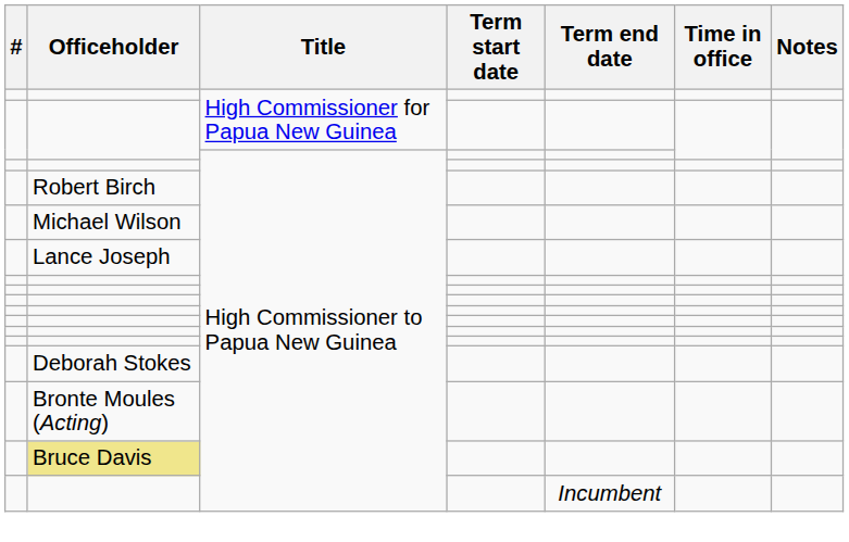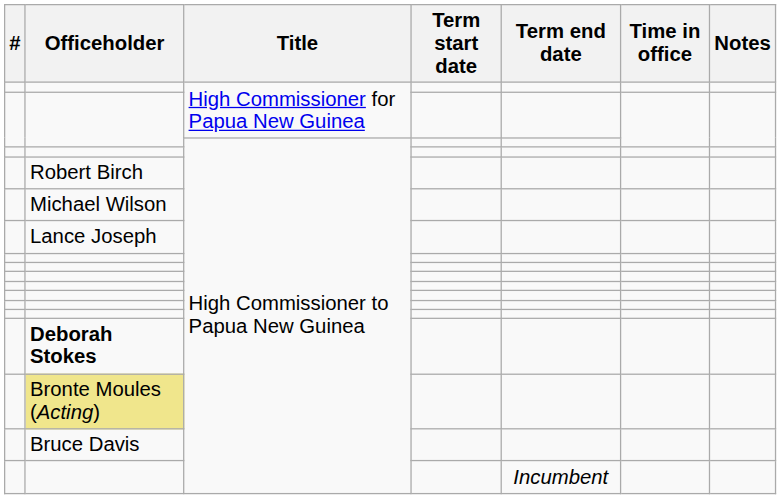 <table class='wikitable sortable'>
 <tr>
 <th>#</th>
 <th>Officeholder</th>
 <th>Title</th>
 <th>Term start date</th>
 <th>Term end date</th>
 <th>Time in office</th>
 <th>Notes</th>
 </tr>
 <tr>
 <td align=center></td>
 <td></td>
 <td rowspan=2><a href='#'>High Commissioner</a> for <a href='#'>Papua New Guinea</a></td>
 <td align=center></td>
 <td align=center></td>
 <td align=right></td>
 <td></td>
 </tr>
 <tr>
 <td rowspan=2 align=center></td>
 <td rowspan=2></td>
 <td align=center></td>
 <td align=center></td>
 <td rowspan=2 align=right></td>
 <td rowspan=2></td>
 </tr>
 <tr>
 <td rowspan=16>High Commissioner to Papua New Guinea</td>
 <td align=center></td>
 <td align=center></td>
 </tr>
 <tr>
 <td align=center></td>
 <td></td>
 <td align=center></td>
 <td align=center></td>
 <td align=right></td>
 <td></td>
 </tr>
 <tr>
 <td align=center></td>
 <td>Robert Birch</td>
 <td align=center></td>
 <td align=center></td>
 <td align=right></td>
 <td></td>
 </tr>
 <tr>
 <td align=center></td>
 <td>Michael Wilson</td>
 <td align=center></td>
 <td align=center></td>
 <td align=right></td>
 <td></td>
 </tr>
 <tr>
 <td align=center></td>
 <td>Lance Joseph</td>
 <td align=center></td>
 <td align=center></td>
 <td align=right></td>
 <td></td>
 </tr>
 <tr>
 <td align=center></td>
 <td></td>
 <td align=center></td>
 <td align=center></td>
 <td align=right></td>
 <td></td>
 </tr>
 <tr>
 <td align=center></td>
 <td></td>
 <td align=center></td>
 <td align=center></td>
 <td align=right></td>
 <td></td>
 </tr>
 <tr>
 <td align=center></td>
 <td></td>
 <td align=center></td>
 <td align=center></td>
 <td align=right></td>
 <td></td>
 </tr>
 <tr>
 <td align=center></td>
 <td></td>
 <td align=center></td>
 <td align=center></td>
 <td align=right></td>
 <td></td>
 </tr>
 <tr>
 <td align=center></td>
 <td></td>
 <td align=center></td>
 <td align=center></td>
 <td align=right></td>
 <td></td>
 </tr>
 <tr>
 <td align=center></td>
 <td></td>
 <td align=center></td>
 <td align=center></td>
 <td align=right></td>
 <td></td>
 </tr>
 <tr>
 <td align=center></td>
 <td></td>
 <td align=center></td>
 <td align=center></td>
 <td align=right></td>
 <td></td>
 </tr>
 <tr>
 <td align=center></td>
-<td>Deborah Stokes</td>
+<td><strong>Deborah Stokes</strong></td>
 <td align=center></td>
 <td align=center></td>
 <td align=right></td>
 <td></td>
 </tr>
 <tr>
 <td align=center></td>
-<td>Bronte Moules (<em>Acting</em>)</td>
+<td style="background: khaki;">Bronte Moules (<em>Acting</em>)</td>
 <td align=center></td>
 <td align=center></td>
 <td align=right></td>
 <td></td>
 </tr>
 <tr>
 <td align=center></td>
-<td style="background: khaki;">Bruce Davis</td>
+<td>Bruce Davis</td>
 <td align=center></td>
 <td align=center></td>
 <td align=right><strong></strong></td>
 <td></td>
 </tr>
 <tr>
 <td align=center></td>
 <td></td>
 <td align=center></td>
 <td align=center><em>Incumbent</em></td>
 <td align=right></td>
 <td></td>
 </tr>
 </table>
